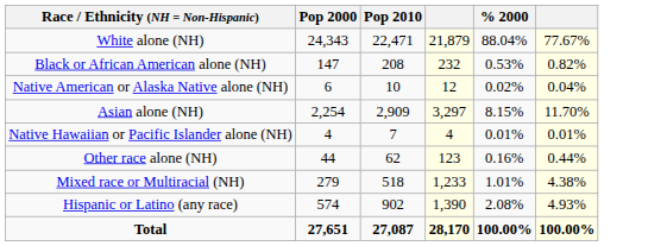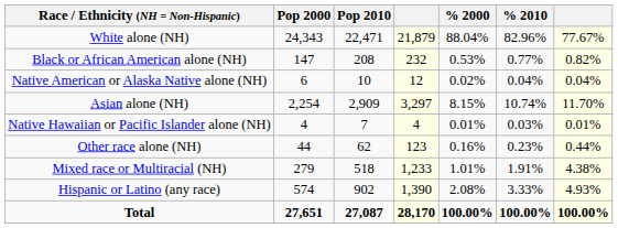 <table class="wikitable" style="text-align:center;">
 <tr>
 <th>Race / Ethnicity <small>(<em>NH = Non-Hispanic</em>)</small></th>
 <th>Pop 2000</th>
 <th>Pop 2010</th>
 <th></th>
 <th>% 2000</th>
+<th>% 2010</th>
 <th></th>
 </tr>
 <tr>
 <td><a href='#'>White</a> alone (NH)</td>
 <td>24,343</td>
 <td>22,471</td>
 <td style='background: #ffffe6;'>21,879</td>
 <td>88.04%</td>
+<td>82.96%</td>
 <td style='background: #ffffe6;'>77.67%</td>
 </tr>
 <tr>
 <td><a href='#'>Black or African American</a> alone (NH)</td>
 <td>147</td>
 <td>208</td>
 <td style='background: #ffffe6;'>232</td>
 <td>0.53%</td>
+<td>0.77%</td>
 <td style='background: #ffffe6;'>0.82%</td>
 </tr>
 <tr>
 <td><a href='#'>Native American</a> or <a href='#'>Alaska Native</a> alone (NH)</td>
 <td>6</td>
 <td>10</td>
 <td style='background: #ffffe6;'>12</td>
 <td>0.02%</td>
+<td>0.04%</td>
 <td style='background: #ffffe6;'>0.04%</td>
 </tr>
 <tr>
 <td><a href='#'>Asian</a> alone (NH)</td>
 <td>2,254</td>
 <td>2,909</td>
 <td style='background: #ffffe6;'>3,297</td>
 <td>8.15%</td>
+<td>10.74%</td>
 <td style='background: #ffffe6;'>11.70%</td>
 </tr>
 <tr>
 <td><a href='#'>Native Hawaiian</a> or <a href='#'>Pacific Islander</a> alone (NH)</td>
 <td>4</td>
 <td>7</td>
 <td style='background: #ffffe6;'>4</td>
 <td>0.01%</td>
+<td>0.03%</td>
 <td style='background: #ffffe6;'>0.01%</td>
 </tr>
 <tr>
 <td><a href='#'>Other race</a> alone (NH)</td>
 <td>44</td>
 <td>62</td>
 <td style='background: #ffffe6;'>123</td>
 <td>0.16%</td>
+<td>0.23%</td>
 <td style='background: #ffffe6;'>0.44%</td>
 </tr>
 <tr>
 <td><a href='#'>Mixed race or Multiracial</a> (NH)</td>
 <td>279</td>
 <td>518</td>
 <td style='background: #ffffe6;'>1,233</td>
 <td>1.01%</td>
+<td>1.91%</td>
 <td style='background: #ffffe6;'>4.38%</td>
 </tr>
 <tr>
 <td><a href='#'>Hispanic or Latino</a> (any race)</td>
 <td>574</td>
 <td>902</td>
 <td style='background: #ffffe6;'>1,390</td>
 <td>2.08%</td>
+<td>3.33%</td>
 <td style='background: #ffffe6;'>4.93%</td>
 </tr>
 <tr>
 <td><strong>Total</strong></td>
 <td><strong>27,651</strong></td>
 <td><strong>27,087</strong></td>
 <td style='background: #ffffe6;'><strong>28,170</strong></td>
 <td><strong>100.00%</strong></td>
+<td><strong>100.00%</strong></td>
 <td style='background: #ffffe6;'><strong>100.00%</strong></td>
 </tr>
 </table>
